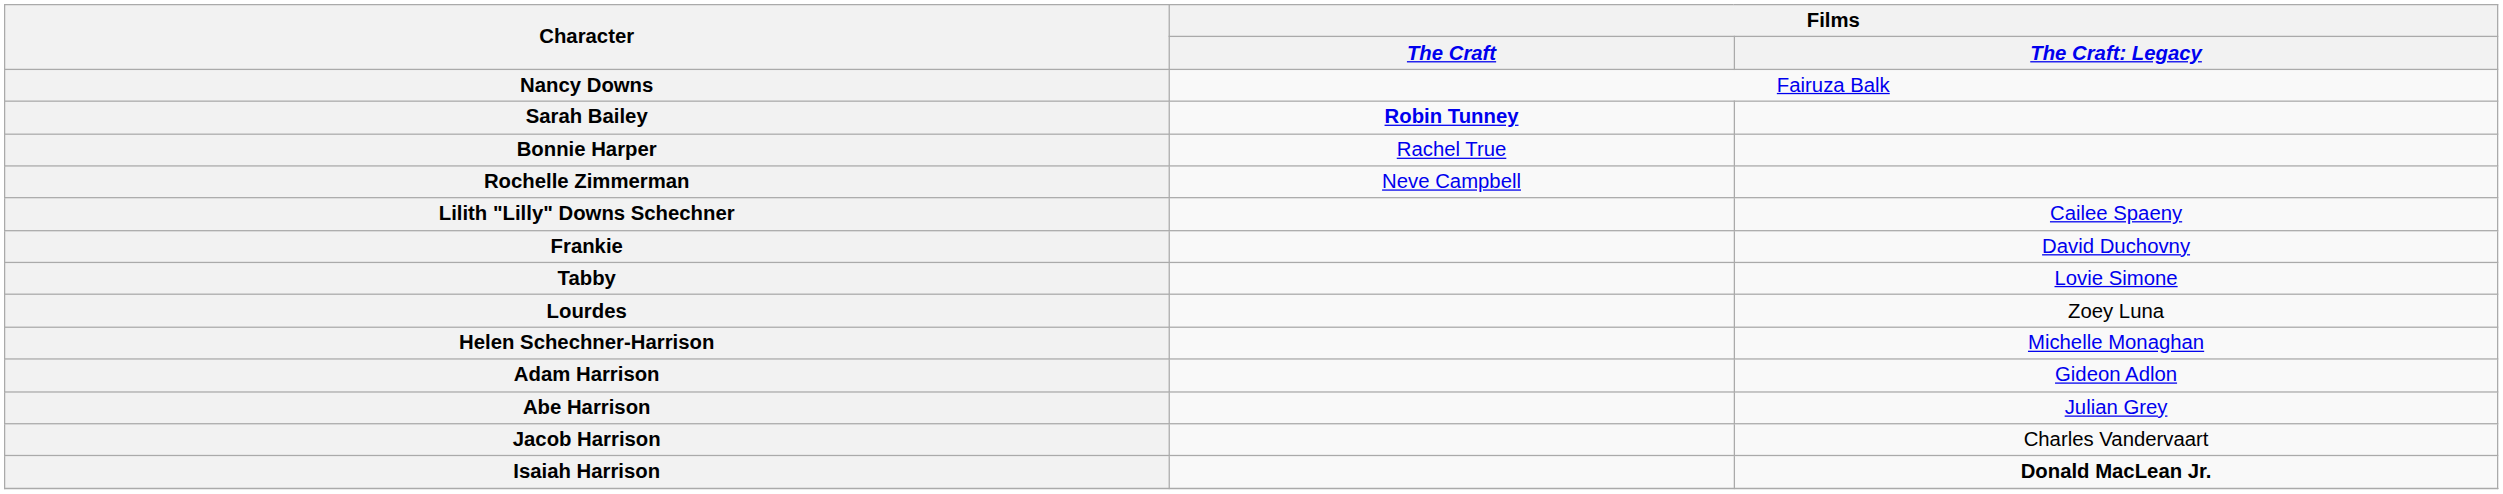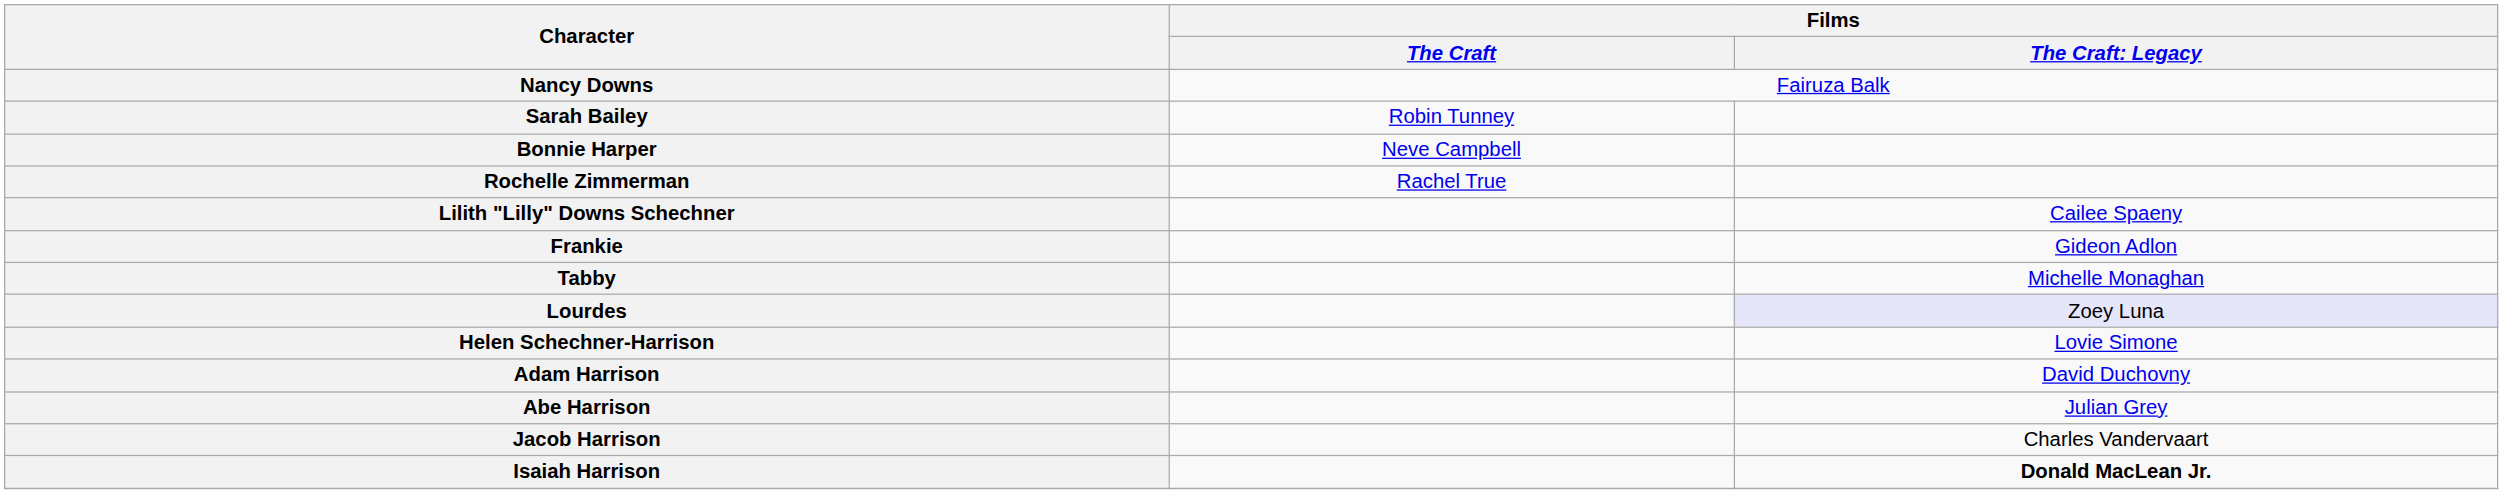 <table class="wikitable" style="text-align: center; width: 99%;">
 <tr>
 <th rowspan="2">Character</th>
 <th colspan="4" style="text-align: center;">Films</th>
 </tr>
 <tr>
 <th style="text-align: center;"><em><a href='#'>The Craft</a></em></th>
 <th style="text-align: center;"><em><a href='#'>The Craft: Legacy</a></em></th>
 </tr>
 <tr>
 <th>Nancy Downs</th>
 <td colspan="2"><a href='#'>Fairuza Balk</a></td>
 </tr>
 <tr>
 <th>Sarah Bailey</th>
-<td><strong><a href='#'>Robin Tunney</a></strong></td>
+<td><a href='#'>Robin Tunney</a></td>
 <td></td>
 </tr>
 <tr>
 <th>Bonnie Harper</th>
-<td><a href='#'>Rachel True</a></td>
+<td><a href='#'>Neve Campbell</a></td>
 <td></td>
 </tr>
 <tr>
 <th>Rochelle Zimmerman</th>
-<td><a href='#'>Neve Campbell</a></td>
+<td><a href='#'>Rachel True</a></td>
 <td></td>
 </tr>
 <tr>
 <th>Lilith "Lilly" Downs Schechner</th>
 <td></td>
 <td><a href='#'>Cailee Spaeny</a></td>
 </tr>
 <tr>
 <th>Frankie</th>
 <td></td>
-<td><a href='#'>David Duchovny</a></td>
+<td><a href='#'>Gideon Adlon</a></td>
 </tr>
 <tr>
 <th>Tabby</th>
 <td></td>
-<td><a href='#'>Lovie Simone</a></td>
+<td><a href='#'>Michelle Monaghan</a></td>
 </tr>
 <tr>
 <th>Lourdes</th>
 <td></td>
-<td>Zoey Luna</td>
+<td style="background: lavender;">Zoey Luna</td>
 </tr>
 <tr>
 <th>Helen Schechner-Harrison</th>
 <td></td>
-<td><a href='#'>Michelle Monaghan</a></td>
+<td><a href='#'>Lovie Simone</a></td>
 </tr>
 <tr>
 <th>Adam Harrison</th>
 <td></td>
-<td><a href='#'>Gideon Adlon</a></td>
+<td><a href='#'>David Duchovny</a></td>
 </tr>
 <tr>
 <th>Abe Harrison</th>
 <td></td>
 <td><a href='#'>Julian Grey</a></td>
 </tr>
 <tr>
 <th>Jacob Harrison</th>
 <td></td>
 <td>Charles Vandervaart</td>
 </tr>
 <tr>
 <th>Isaiah Harrison</th>
 <td></td>
 <td><strong>Donald MacLean Jr.</strong></td>
 </tr>
 <tr>
 </tr>
 </table>
